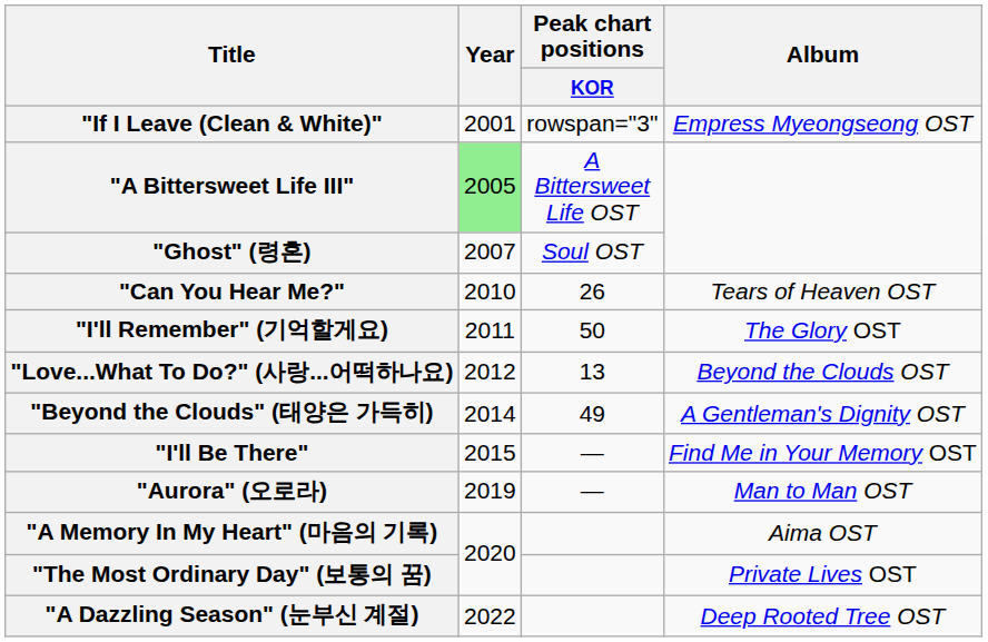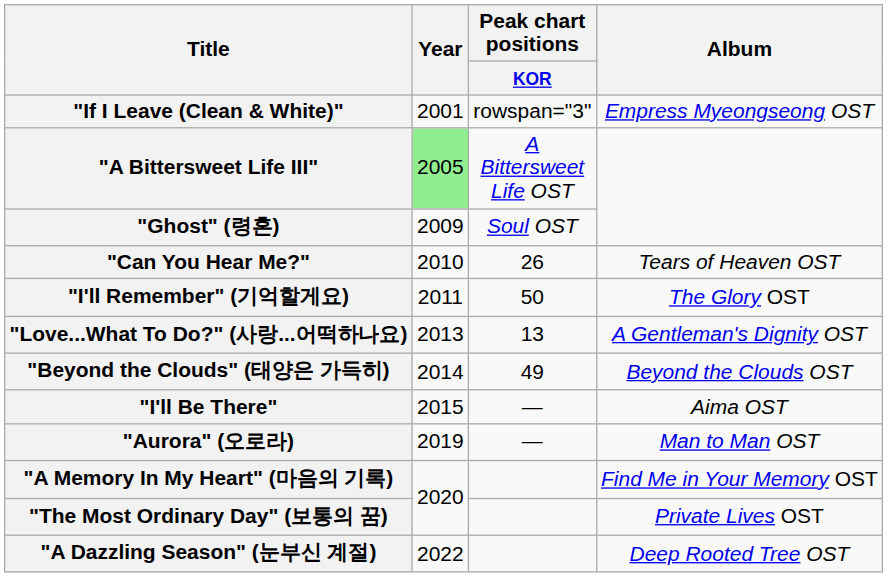 <table class="wikitable plainrowheaders" style="text-align:center;">
 <tr>
 <th scope="col" rowspan="2">Title</th>
 <th scope="col" rowspan="2">Year</th>
 <th scope="col" colspan="1" style="width:5em;">Peak chart positions</th>
 <th scope="col" rowspan="2">Album</th>
 </tr>
 <tr>
 <th><small><a href='#'>KOR</a></small><br></th>
 </tr>
 <tr>
 <th scope="row">"If I Leave (Clean & White)"</th>
 <td>2001</td>
 <td>rowspan="3" </td>
 <td><em><a href='#'>Empress Myeongseong</a> OST</em></td>
 </tr>
 <tr>
 <th scope="row">"A Bittersweet Life III"</th>
 <td style="background: lightgreen;">2005</td>
 <td><em><a href='#'>A Bittersweet Life</a></em> <em>OST</em></td>
 </tr>
 <tr>
 <th scope="row">"Ghost" (령혼)</th>
-<td>2007</td>
+<td>2009</td>
 <td><em><a href='#'>Soul</a> OST</em></td>
 </tr>
 <tr>
 <th scope="row">"Can You Hear Me?"</th>
 <td>2010</td>
 <td>26</td>
 <td><em>Tears of Heaven OST</em></td>
 </tr>
 <tr>
 <th scope="row">"I'll Remember" (기억할게요)</th>
 <td>2011</td>
 <td>50</td>
 <td><em><a href='#'>The Glory</a></em> OST</td>
 </tr>
 <tr>
 <th scope="row">"Love...What To Do?" (사랑...어떡하나요)</th>
-<td>2012</td>
+<td>2013</td>
 <td>13</td>
-<td><em><a href='#'>Beyond the Clouds</a> OST</em></td>
+<td><em><a href='#'>A Gentleman's Dignity</a> OST</em></td>
 </tr>
 <tr>
 <th scope="row">"Beyond the Clouds" (태양은 가득히)</th>
 <td>2014</td>
 <td>49</td>
-<td><em><a href='#'>A Gentleman's Dignity</a> OST</em></td>
+<td><em><a href='#'>Beyond the Clouds</a> OST</em></td>
 </tr>
 <tr>
 <th scope="row">"I'll Be There"</th>
 <td>2015</td>
 <td>—</td>
-<td><em><a href='#'>Find Me in Your Memory</a></em> OST</td>
+<td><em>Aima OST</em></td>
 </tr>
 <tr>
 <th scope="row">"Aurora" (오로라)</th>
 <td>2019</td>
 <td>—</td>
 <td><em><a href='#'>Man to Man</a> OST</em></td>
 </tr>
 <tr>
 <th scope="row">"A Memory In My Heart" (마음의 기록)</th>
 <td rowspan=2>2020</td>
 <td></td>
-<td><em>Aima OST</em></td>
+<td><em><a href='#'>Find Me in Your Memory</a></em> OST</td>
 </tr>
 <tr>
 <th scope="row">"The Most Ordinary Day" (보통의 꿈)</th>
 <td></td>
 <td><em><a href='#'>Private Lives</a></em> OST</td>
 </tr>
 <tr>
 <th scope="row">"A Dazzling Season" (눈부신 계절)</th>
 <td>2022</td>
 <td></td>
 <td><em><a href='#'>Deep Rooted Tree</a></em> <em>OST</em></td>
 </tr>
 </table>
